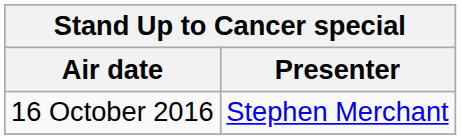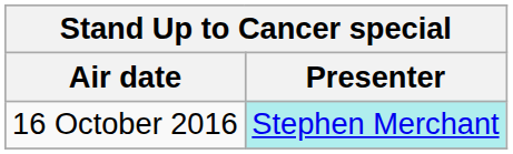 <table class="wikitable" style="text-align:center;">
 <tr>
 <th colspan="6">Stand Up to Cancer special</th>
 </tr>
 <tr>
 <th colspan="5">Air date</th>
 <th>Presenter</th>
 </tr>
 <tr>
 <td colspan="5">16 October 2016</td>
-<td><a href='#'>Stephen Merchant</a></td>
+<td style="background: paleturquoise;"><a href='#'>Stephen Merchant</a></td>
 </tr>
 </table>
